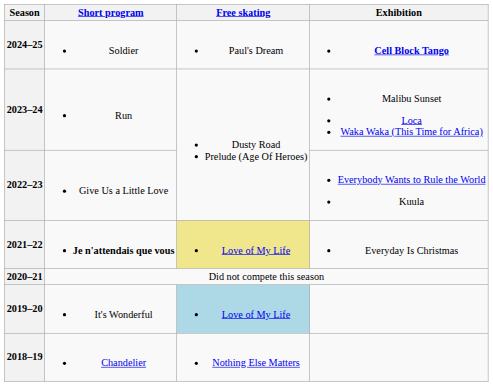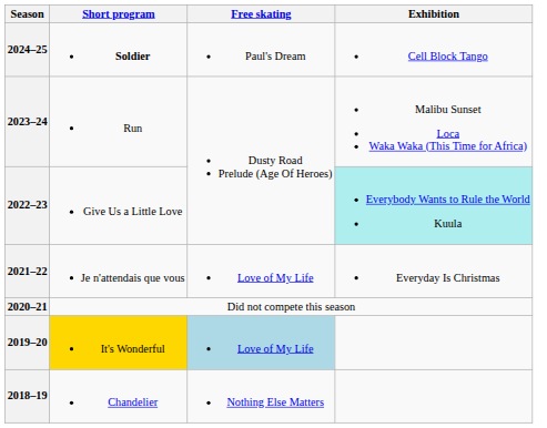 <table class=wikitable style="text-align:center">
 <tr>
 <th>Season</th>
 <th><a href='#'>Short program</a></th>
 <th><a href='#'>Free skating</a></th>
 <th>Exhibition</th>
 </tr>
 <tr>
 <th>2024–25 <br> </th>
-<td><br><ul><li>Soldier <br> </li></ul></td>
+<td><strong><br><ul><li>Soldier <br> </li></ul></strong></td>
 <td><br><ul><li>Paul's Dream  <br> </li></ul></td>
-<td><strong><br><ul><li><a href='#'>Cell Block Tango</a> <br> </li></ul></strong></td>
+<td><br><ul><li><a href='#'>Cell Block Tango</a> <br> </li></ul></td>
 </tr>
 <tr>
 <th>2023–24 <br> </th>
 <td><br><ul><li>Run <br> </li></ul></td>
 <td rowspan="2"><br><ul><li>Dusty Road</li><li>Prelude (Age Of Heroes) <br> </li></ul></td>
 <td><br><ul><li>Malibu Sunset <br> </li></ul><ul><li><a href='#'>Loca</a> <br></li><li><a href='#'>Waka Waka (This Time for Africa)</a> <br></li></ul></td>
 </tr>
 <tr>
 <th>2022–23 <br> </th>
 <td><br><ul><li>Give Us a Little Love <br> </li></ul></td>
-<td><br><ul><li><a href='#'>Everybody Wants to Rule the World</a> <br> </li></ul><ul><li>Kuula <br></li></ul></td>
+<td style="background: paleturquoise;"><br><ul><li><a href='#'>Everybody Wants to Rule the World</a> <br> </li></ul><ul><li>Kuula <br></li></ul></td>
 </tr>
 <tr>
 <th>2021–22 <br> </th>
-<td><strong><br><ul><li>Je n'attendais que vous <br> </li></ul></strong></td>
-<td style="background: khaki;"><br><ul><li><a href='#'>Love of My Life</a> <br> </li></ul></td>
+<td><br><ul><li>Je n'attendais que vous <br> </li></ul></td>
+<td><br><ul><li><a href='#'>Love of My Life</a> <br> </li></ul></td>
 <td><br><ul><li>Everyday Is Christmas <br> </li></ul></td>
 </tr>
 <tr>
 <th scope="row">2020–21</th>
 <td colspan=3>Did not compete this season</td>
 </tr>
 <tr>
 <th>2019–20 <br> </th>
-<td><br><ul><li>It's Wonderful <br> </li></ul></td>
+<td style="background: gold;"><br><ul><li>It's Wonderful <br> </li></ul></td>
 <td style="background: lightblue;"><br><ul><li><a href='#'>Love of My Life</a> <br> </li></ul></td>
 <td></td>
 </tr>
 <tr>
 <th>2018–19 <br> </th>
 <td><br><ul><li><a href='#'>Chandelier</a> <br> </li></ul></td>
 <td><br><ul><li><a href='#'>Nothing Else Matters</a> <br> </li></ul></td>
 <td></td>
 </tr>
 </table>
